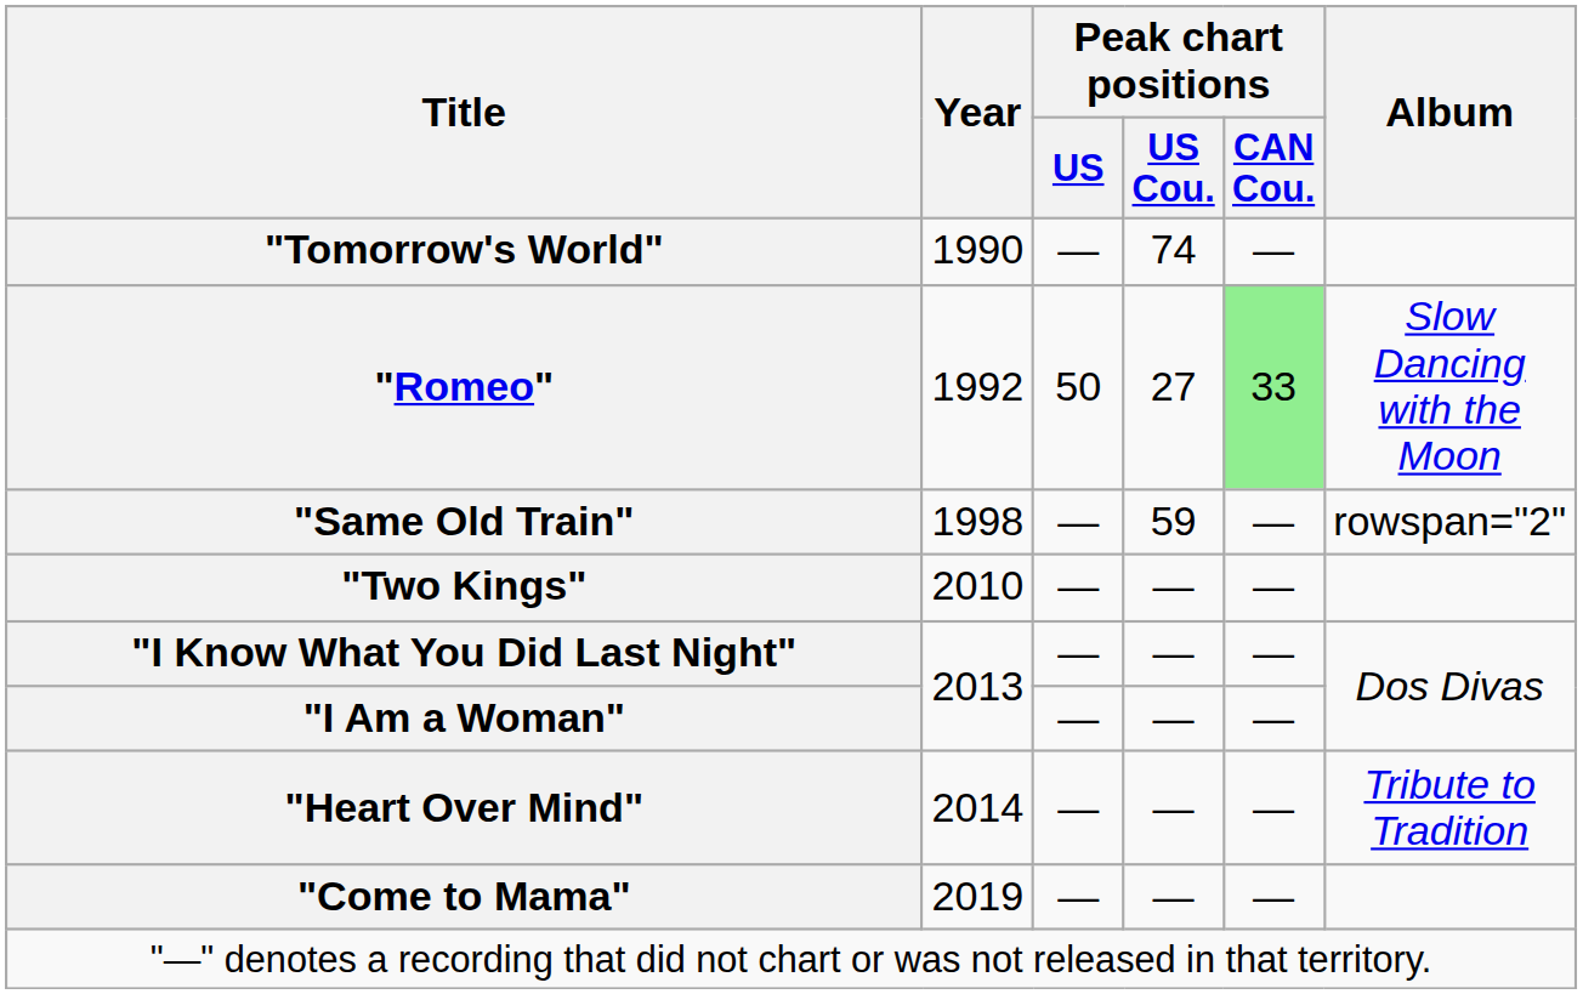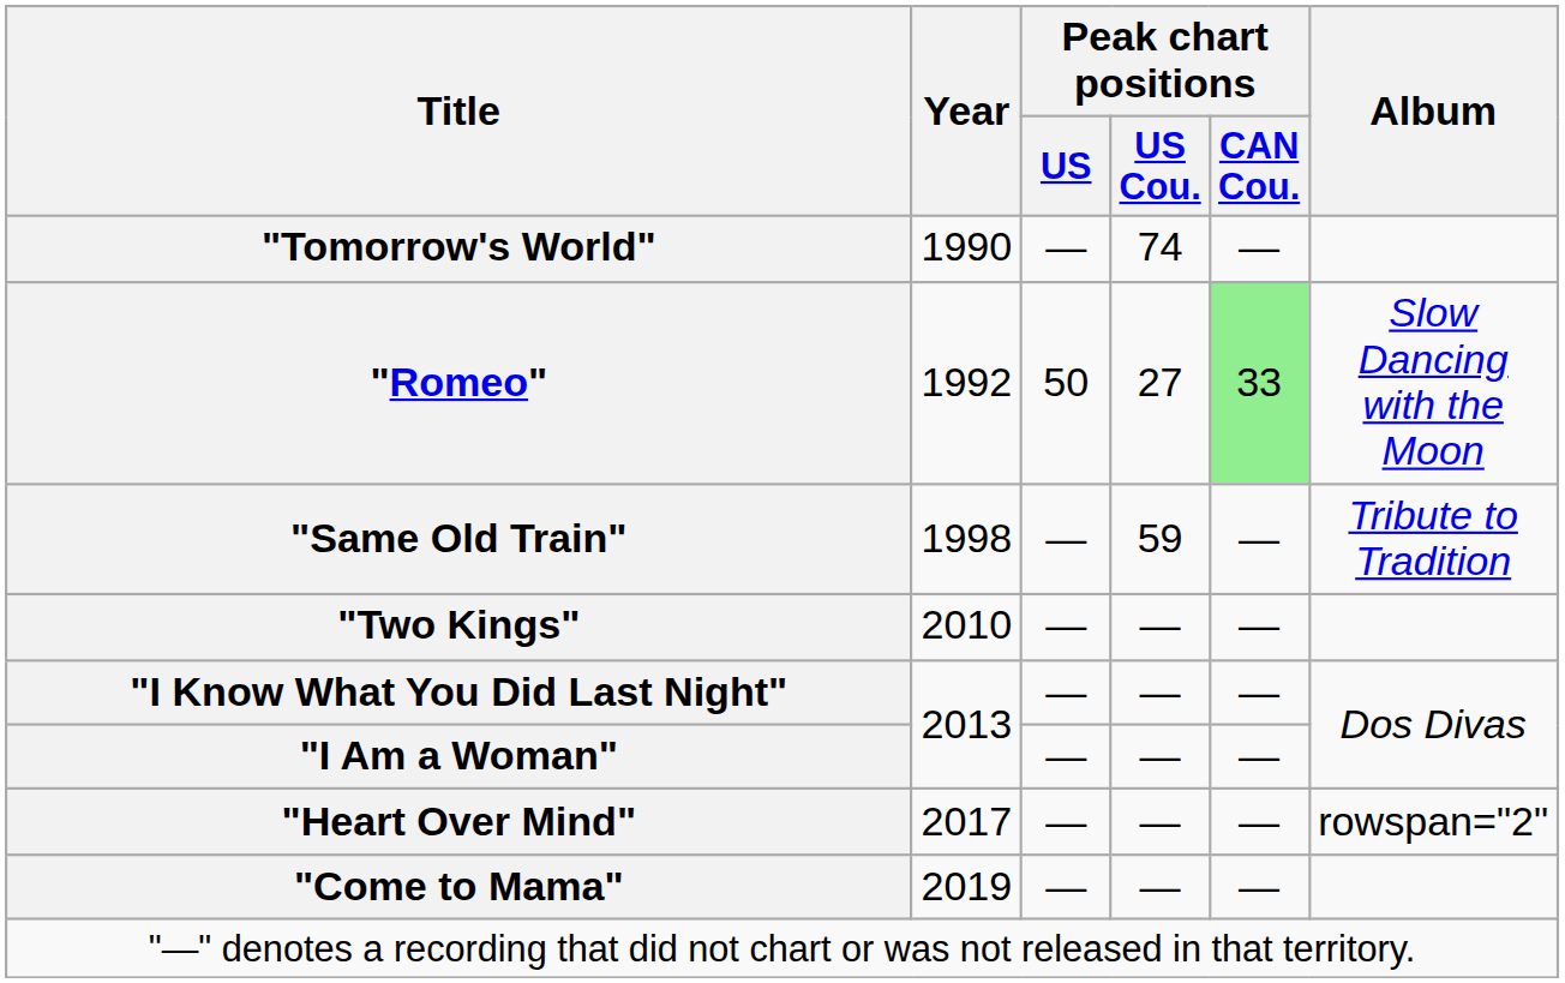 <table class="wikitable plainrowheaders" style="text-align:center;" border="1">
 <tr>
 <th scope="col" rowspan="2" style="width:23em;">Title</th>
 <th scope="col" rowspan="2">Year</th>
 <th scope="col" colspan="3">Peak chart<br>positions</th>
 <th scope="col" rowspan="2">Album</th>
 </tr>
 <tr>
 <th scope="col" style="width:2em;font-size:90%;"><a href='#'>US</a><br></th>
 <th scope="col" style="width:2em;font-size:90%;"><a href='#'>US<br>Cou.</a><br></th>
 <th scope="col" style="width:2em;font-size:90%;"><a href='#'>CAN<br>Cou.</a><br></th>
 </tr>
 <tr>
 <th scope="row">"Tomorrow's World"<br></th>
 <td>1990</td>
 <td>—</td>
 <td>74</td>
 <td>—</td>
 <td></td>
 </tr>
 <tr>
 <th scope="row">"<a href='#'>Romeo</a>"<br></th>
 <td>1992</td>
 <td>50</td>
 <td>27</td>
 <td style="background: lightgreen;">33</td>
 <td><em><a href='#'>Slow Dancing with the Moon</a></em></td>
 </tr>
 <tr>
 <th scope="row">"Same Old Train"<br></th>
 <td>1998</td>
 <td>—</td>
 <td>59</td>
 <td>—</td>
-<td>rowspan="2" </td>
+<td><em><a href='#'>Tribute to Tradition</a></em></td>
 </tr>
 <tr>
 <th scope="row">"Two Kings"<br></th>
 <td>2010</td>
 <td>—</td>
 <td>—</td>
 <td>—</td>
 <td></td>
 </tr>
 <tr>
 <th scope="row">"I Know What You Did Last Night"<br></th>
 <td rowspan="2">2013</td>
 <td>—</td>
 <td>—</td>
 <td>—</td>
 <td rowspan="2"><em>Dos Divas</em></td>
 </tr>
 <tr>
 <th scope="row">"I Am a Woman"<br></th>
 <td>—</td>
 <td>—</td>
 <td>—</td>
 </tr>
 <tr>
 <th scope="row">"Heart Over Mind"<br></th>
-<td>2014</td>
+<td>2017</td>
 <td>—</td>
 <td>—</td>
 <td>—</td>
-<td><em><a href='#'>Tribute to Tradition</a></em></td>
+<td>rowspan="2" </td>
 </tr>
 <tr>
 <th scope="row">"Come to Mama" <br></th>
 <td>2019</td>
 <td>—</td>
 <td>—</td>
 <td>—</td>
 </tr>
 <tr>
 <td colspan="6" style="font-size:90%">"—" denotes a recording that did not chart or was not released in that territory.</td>
 </tr>
 </table>
